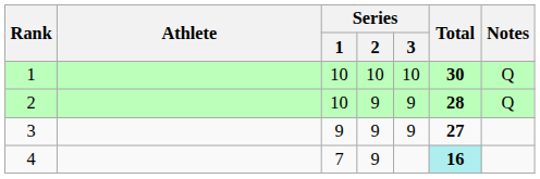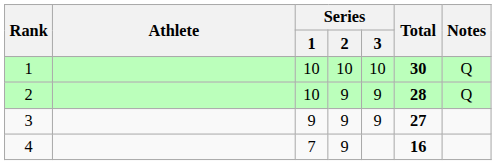 <table class="wikitable" style="text-align:center">
 <tr>
 <th rowspan=2 width=40>Rank</th>
 <th rowspan=2 width=230>Athlete</th>
 <th colspan="3">Series</th>
 <th rowspan=2 width=40>Total</th>
 <th rowspan=2 width=40>Notes</th>
 </tr>
 <tr>
 <th width=25>1</th>
 <th width=25>2</th>
 <th width=25>3</th>
 </tr>
 <tr bgcolor=bbffbb>
 <td>1</td>
 <td align=left></td>
 <td>10</td>
 <td>10</td>
 <td>10</td>
 <td><strong>30</strong></td>
 <td>Q</td>
 </tr>
 <tr bgcolor=bbffbb>
 <td>2</td>
 <td align=left></td>
 <td>10</td>
 <td>9</td>
 <td>9</td>
 <td><strong>28</strong></td>
 <td>Q</td>
 </tr>
 <tr>
 <td>3</td>
 <td align=left></td>
 <td>9</td>
 <td>9</td>
 <td>9</td>
 <td><strong>27</strong></td>
 <td></td>
 </tr>
 <tr>
 <td>4</td>
 <td align=left></td>
 <td>7</td>
 <td>9</td>
 <td></td>
-<td style="background: paleturquoise;"><strong>16</strong></td>
+<td><strong>16</strong></td>
 <td></td>
 </tr>
 </table>
